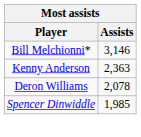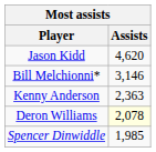 <table class="wikitable sortable" style="text-align:center">
 <tr>
 <th colspan="2" style="text-align:center; ">Most assists</th>
 </tr>
 <tr>
 <th style="text-align:center; ">Player</th>
 <th style="text-align:center; ">Assists</th>
+</tr>
+<tr>
+<td><a href='#'>Jason Kidd</a></td>
+<td>4,620</td>
 </tr>
 <tr>
 <td><a href='#'>Bill Melchionni</a>*</td>
 <td>3,146</td>
 </tr>
 <tr>
 <td><a href='#'>Kenny Anderson</a></td>
 <td>2,363</td>
 </tr>
 <tr>
 <td><a href='#'>Deron Williams</a></td>
-<td>2,078</td>
+<td style="background: lightyellow;">2,078</td>
 </tr>
 <tr>
 <td><em><a href='#'>Spencer Dinwiddle</a></em></td>
 <td>1,985</td>
 </tr>
 </table>
